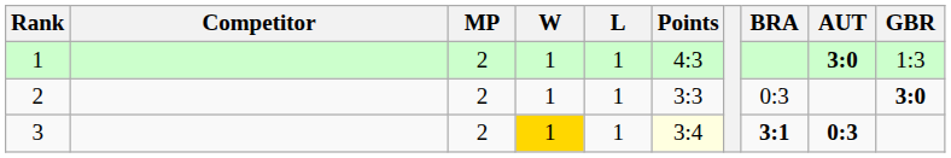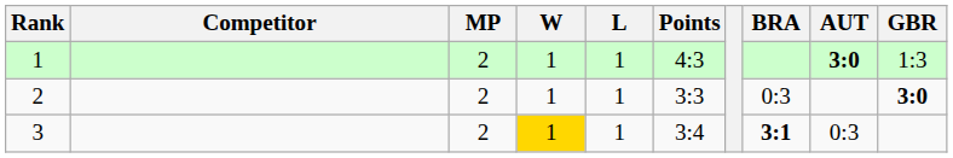 <table class="wikitable" style="text-align:center">
 <tr>
 <th>Rank</th>
 <th style="width:16em">Competitor</th>
 <th style="width:2.5em">MP</th>
 <th style="width:2.5em">W</th>
 <th style="width:2.5em">L</th>
 <th>Points</th>
 <th rowspan="4"> </th>
 <th style="width:2.5em">BRA</th>
 <th style="width:2.5em">AUT</th>
 <th style="width:2.5em">GBR</th>
 </tr>
 <tr style="background:#cfc;">
 <td>1</td>
 <td style="text-align:left"></td>
 <td>2</td>
 <td>1</td>
 <td>1</td>
 <td>4:3</td>
 <td></td>
 <td><strong>3:0</strong></td>
 <td>1:3</td>
 </tr>
 <tr>
 <td>2</td>
 <td style="text-align:left"></td>
 <td>2</td>
 <td>1</td>
 <td>1</td>
 <td>3:3</td>
 <td>0:3</td>
 <td></td>
 <td><strong>3:0</strong></td>
 </tr>
 <tr>
 <td>3</td>
 <td style="text-align:left"></td>
 <td>2</td>
 <td style="background: gold;">1</td>
 <td>1</td>
-<td style="background: lightyellow;">3:4</td>
+<td>3:4</td>
 <td><strong>3:1</strong></td>
-<td><strong>0:3</strong></td>
+<td>0:3</td>
 <td></td>
 </tr>
 </table>
